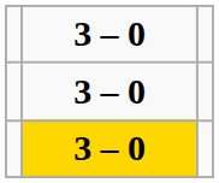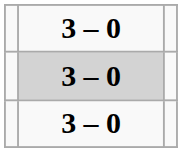 <table class="wikitable" style="text-align:center">
 <tr>
 <td align="left"></td>
 <td width="70px"><strong>3 – 0</strong></td>
 <td align="left"></td>
 </tr>
 <tr>
 <td align="left"></td>
-<td width="70px"><strong>3 – 0</strong></td>
+<td width="70px" style="background: lightgrey;"><strong>3 – 0</strong></td>
 <td align="left"></td>
 </tr>
 <tr>
 <td align="left"></td>
-<td width="70px" style="background: gold;"><strong>3 – 0</strong></td>
+<td width="70px"><strong>3 – 0</strong></td>
 <td align="left"></td>
 </tr>
 </table>
